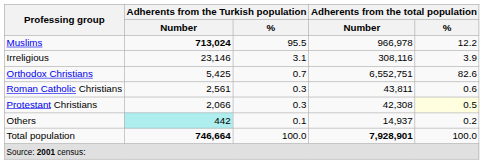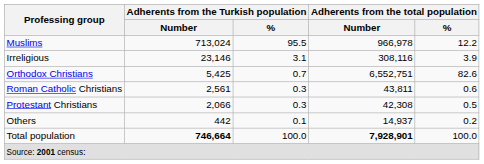 <table class="wikitable">
 <tr style="background:#e0e0e0;">
 <th rowspan="2">Professing group</th>
 <th colspan="2">Adherents from the Turkish population</th>
 <th colspan="2">Adherents from the total population</th>
 </tr>
 <tr style="background:#e0e0e0;">
 <th>Number</th>
 <th>%</th>
 <th>Number</th>
 <th>%</th>
 </tr>
 <tr>
 <td><a href='#'>Muslims</a></td>
-<td style="text-align:right;"><strong>713,024</strong></td>
+<td style="text-align:right;">713,024</td>
 <td style="text-align:right;">95.5</td>
 <td style="text-align:right;">966,978</td>
 <td style="text-align:right;">12.2</td>
 </tr>
 <tr>
 <td>Irreligious</td>
 <td style="text-align:right;">23,146</td>
 <td style="text-align:right;">3.1</td>
 <td style="text-align:right;">308,116</td>
 <td style="text-align:right;">3.9</td>
 </tr>
 <tr>
 <td><a href='#'>Orthodox Christians</a></td>
 <td style="text-align:right;">5,425</td>
 <td style="text-align:right;">0.7</td>
 <td style="text-align:right;">6,552,751</td>
 <td style="text-align:right;">82.6</td>
 </tr>
 <tr>
 <td><a href='#'>Roman Catholic</a> Christians</td>
 <td style="text-align:right;">2,561</td>
 <td style="text-align:right;">0.3</td>
 <td style="text-align:right;">43,811</td>
 <td style="text-align:right;">0.6</td>
 </tr>
 <tr>
 <td><a href='#'>Protestant</a> Christians</td>
 <td style="text-align:right;">2,066</td>
 <td style="text-align:right;">0.3</td>
 <td style="text-align:right;">42,308</td>
-<td style="background: lightyellow; text-align:right;">0.5</td>
+<td style="text-align:right;">0.5</td>
 </tr>
 <tr>
 <td>Others</td>
-<td style="background: paleturquoise; text-align:right;">442</td>
+<td style="text-align:right;">442</td>
 <td style="text-align:right;">0.1</td>
 <td style="text-align:right;">14,937</td>
 <td style="text-align:right;">0.2</td>
 </tr>
 <tr>
 <td>Total population</td>
 <td style="text-align:right;"><strong>746,664</strong></td>
 <td style="text-align:right;">100.0</td>
 <td style="text-align:right;"><strong>7,928,901</strong></td>
 <td style="text-align:right;">100.0</td>
 </tr>
 <tr style="background:#e0e0e0;">
 <td colspan=5><small>Source: <strong>2001</strong> census</small>:</td>
 </tr>
 </table>
